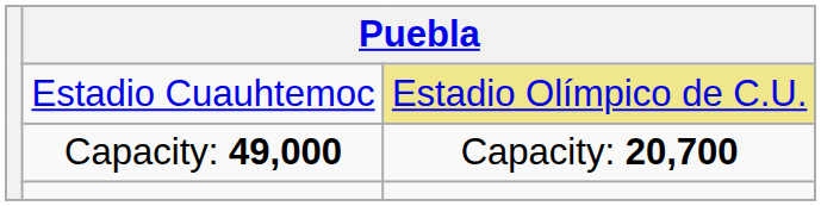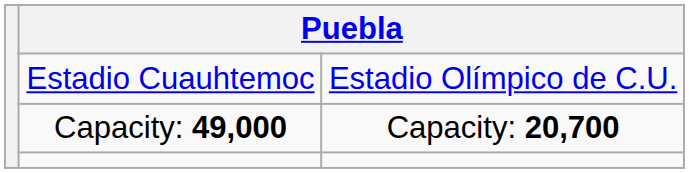 <table class="wikitable" style="text-align:center">
 <tr>
 <th rowspan="4"></th>
 <th colspan=2><a href='#'>Puebla</a></th>
 </tr>
 <tr>
 <td align=center><a href='#'>Estadio Cuauhtemoc</a></td>
-<td align=center style="background: khaki;"><a href='#'>Estadio Olímpico de C.U.</a></td>
+<td align=center><a href='#'>Estadio Olímpico de C.U.</a></td>
 </tr>
 <tr>
 <td align=center>Capacity: <strong>49,000</strong></td>
 <td align=center>Capacity: <strong>20,700</strong></td>
 </tr>
 <tr>
 <td align=center></td>
 <td align=center></td>
 </tr>
 </table>
